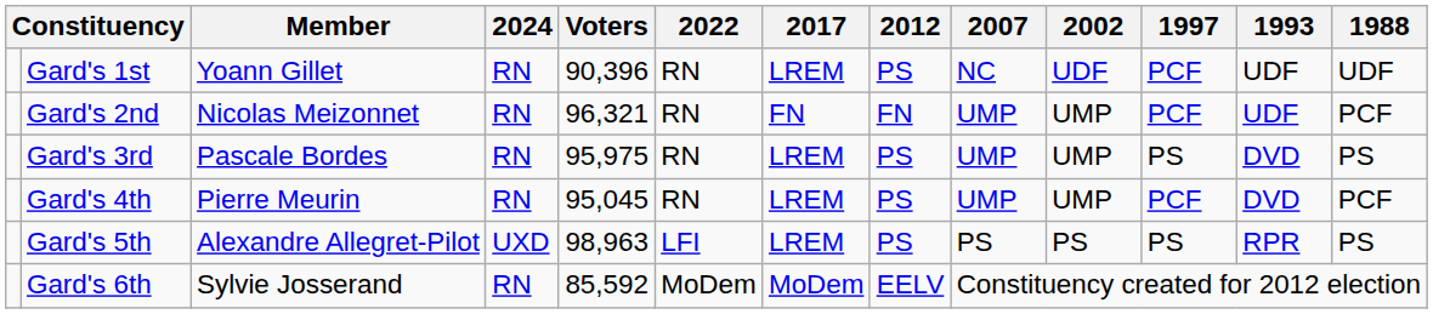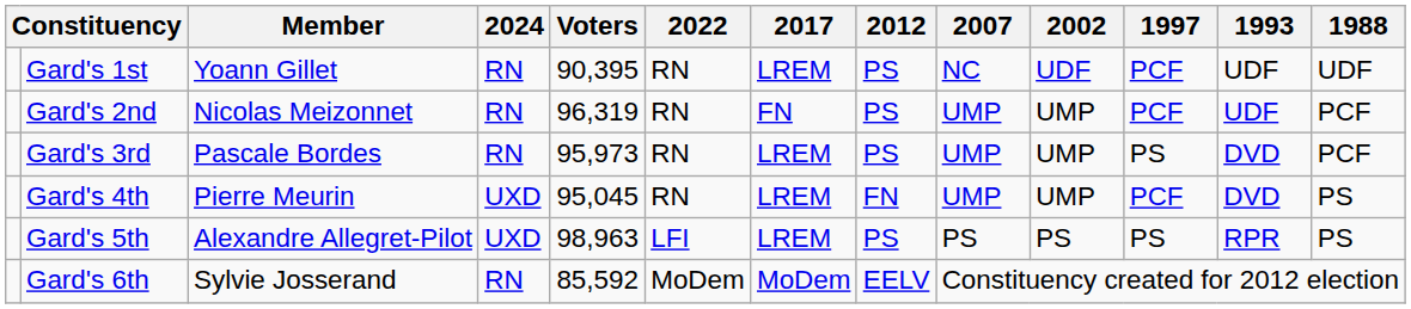 <table class="wikitable sortable">
 <tr>
 <th colspan="2">Constituency</th>
 <th>Member</th>
 <th>2024</th>
 <th>Voters</th>
 <th>2022</th>
 <th>2017</th>
 <th>2012</th>
 <th>2007</th>
 <th>2002</th>
 <th>1997</th>
 <th>1993</th>
 <th>1988</th>
 </tr>
 <tr>
 <td style="background-color: "></td>
 <td><a href='#'>Gard's 1st</a></td>
 <td><a href='#'>Yoann Gillet</a></td>
 <td><a href='#'>RN</a></td>
-<td>90,396</td>
+<td>90,395</td>
 <td>RN</td>
 <td><a href='#'>LREM</a></td>
 <td bgcolor=><a href='#'>PS</a></td>
 <td bgcolor=><a href='#'>NC</a></td>
 <td bgcolor=><a href='#'>UDF</a></td>
 <td bgcolor=><a href='#'>PCF</a></td>
 <td bgcolor=>UDF</td>
 <td bgcolor=>UDF</td>
 </tr>
 <tr>
 <td style="background-color: "></td>
 <td><a href='#'>Gard's 2nd</a></td>
 <td><a href='#'>Nicolas Meizonnet</a></td>
 <td><a href='#'>RN</a></td>
-<td>96,321</td>
+<td>96,319</td>
 <td>RN</td>
 <td><a href='#'>FN</a></td>
-<td bgcolor=><a href='#'>FN</a></td>
+<td bgcolor=><a href='#'>PS</a></td>
 <td bgcolor=><a href='#'>UMP</a></td>
 <td bgcolor=>UMP</td>
 <td bgcolor=><a href='#'>PCF</a></td>
 <td bgcolor=><a href='#'>UDF</a></td>
 <td bgcolor=>PCF</td>
 </tr>
 <tr>
 <td style="background-color: "></td>
 <td><a href='#'>Gard's 3rd</a></td>
 <td><a href='#'>Pascale Bordes</a></td>
 <td><a href='#'>RN</a></td>
-<td>95,975</td>
+<td>95,973</td>
 <td>RN</td>
 <td><a href='#'>LREM</a></td>
 <td bgcolor=><a href='#'>PS</a></td>
 <td bgcolor=><a href='#'>UMP</a></td>
 <td bgcolor=>UMP</td>
 <td bgcolor=>PS</td>
 <td bgcolor=><a href='#'>DVD</a></td>
-<td bgcolor=>PS</td>
+<td bgcolor=>PCF</td>
 </tr>
 <tr>
 <td style="background-color: "></td>
 <td><a href='#'>Gard's 4th</a></td>
 <td><a href='#'>Pierre Meurin</a></td>
-<td><a href='#'>RN</a></td>
+<td bgcolor=><a href='#'>UXD</a></td>
 <td>95,045</td>
 <td>RN</td>
 <td><a href='#'>LREM</a></td>
-<td bgcolor=><a href='#'>PS</a></td>
+<td bgcolor=><a href='#'>FN</a></td>
 <td bgcolor=><a href='#'>UMP</a></td>
 <td bgcolor=>UMP</td>
 <td bgcolor=><a href='#'>PCF</a></td>
 <td bgcolor=><a href='#'>DVD</a></td>
-<td bgcolor=>PCF</td>
+<td bgcolor=>PS</td>
 </tr>
 <tr>
 <td style="background-color: "></td>
 <td><a href='#'>Gard's 5th</a></td>
 <td><a href='#'>Alexandre Allegret-Pilot</a></td>
 <td bgcolor=><a href='#'>UXD</a></td>
 <td>98,963</td>
 <td bgcolor=><a href='#'>LFI</a></td>
 <td><a href='#'>LREM</a></td>
 <td bgcolor=><a href='#'>PS</a></td>
 <td bgcolor=>PS</td>
 <td bgcolor=>PS</td>
 <td bgcolor=>PS</td>
 <td bgcolor=><a href='#'>RPR</a></td>
 <td bgcolor=>PS</td>
 </tr>
 <tr>
 <td style="background-color: "></td>
 <td><a href='#'>Gard's 6th</a></td>
 <td>Sylvie Josserand</td>
 <td><a href='#'>RN</a></td>
 <td>85,592</td>
 <td>MoDem</td>
 <td><a href='#'>MoDem</a></td>
 <td bgcolor=><a href='#'>EELV</a></td>
 <td colspan="5">Constituency created for 2012 election</td>
 </tr>
 </table>
